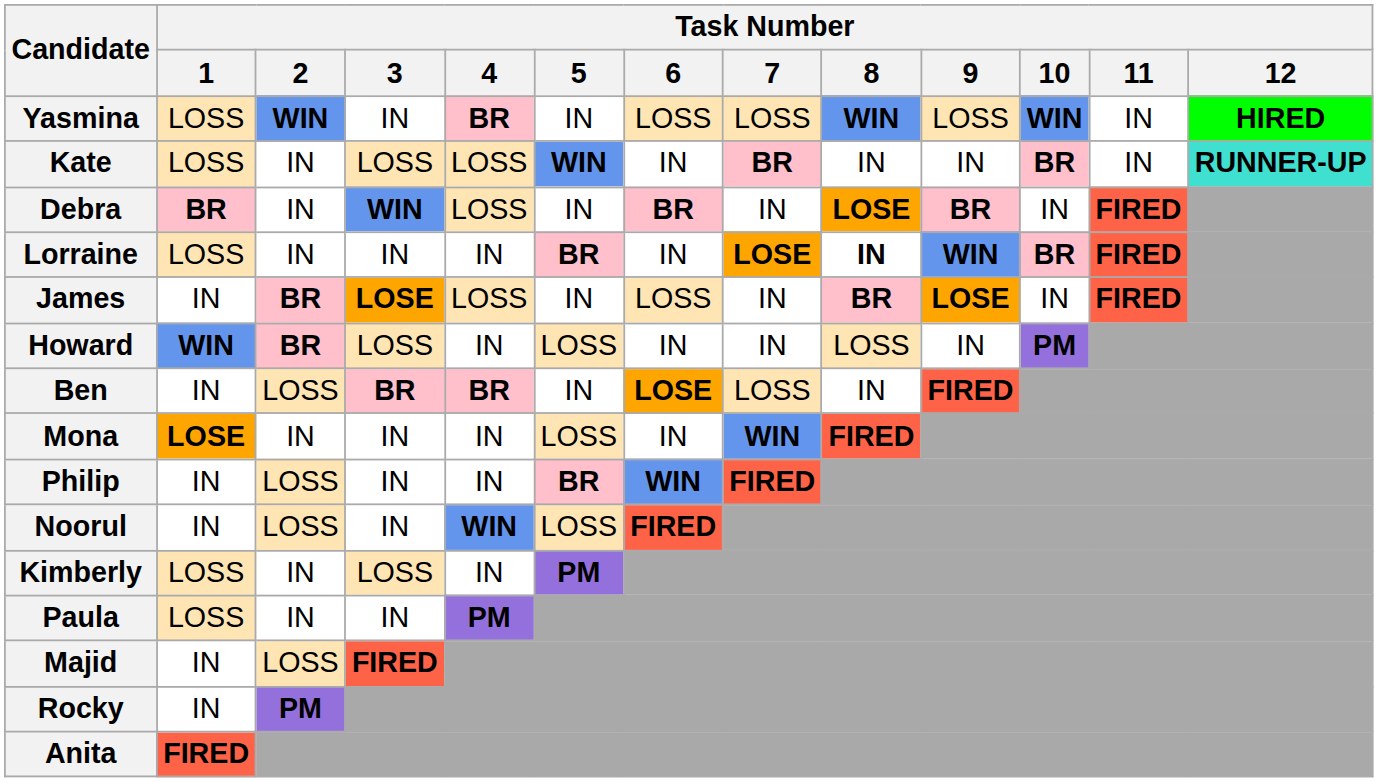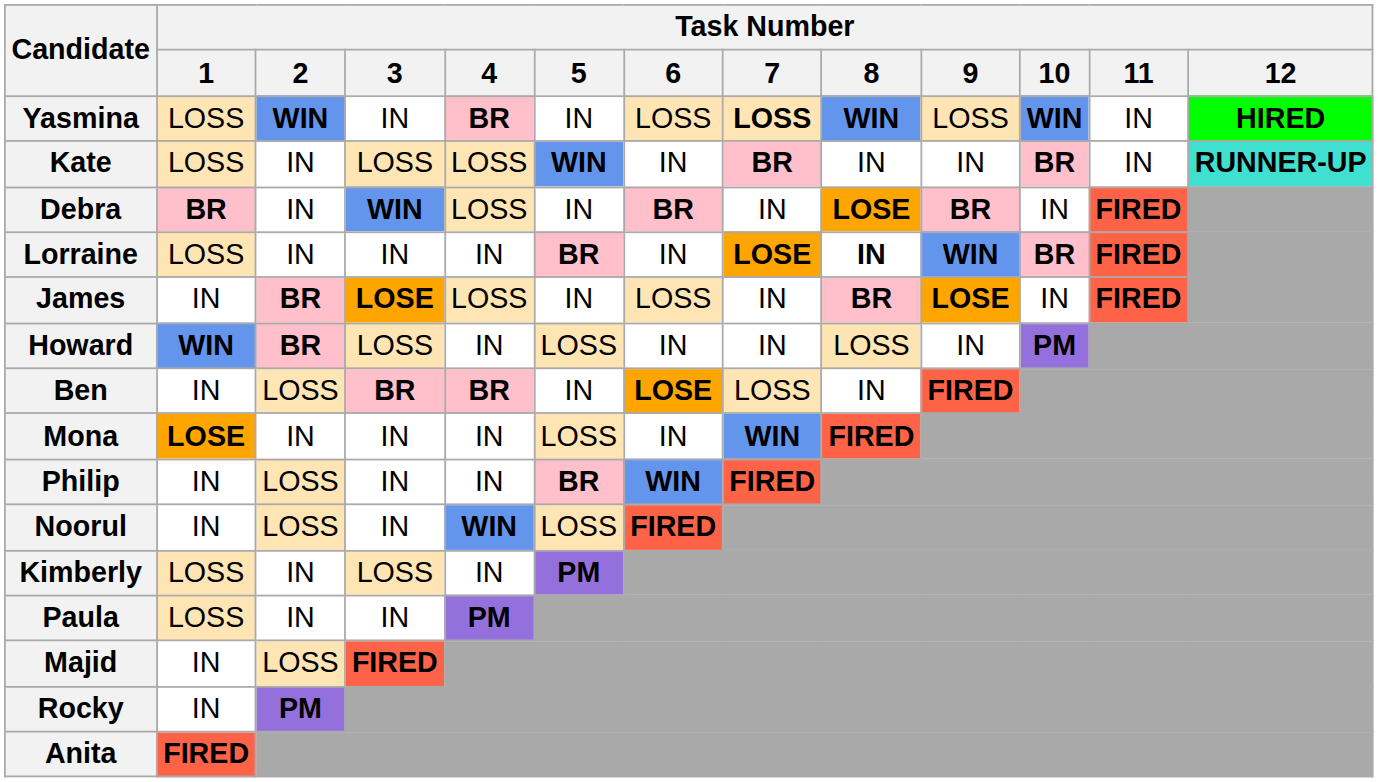 <table class="wikitable" style="text-align:center">
 <tr>
 <th rowspan="2">Candidate</th>
 <th colspan="13">Task Number</th>
 </tr>
 <tr>
 <th>1</th>
 <th>2</th>
 <th>3</th>
 <th>4</th>
 <th>5</th>
 <th>6</th>
 <th>7</th>
 <th>8</th>
 <th>9</th>
 <th>10</th>
 <th>11</th>
 <th>12</th>
 </tr>
 <tr>
 <th>Yasmina</th>
 <td style="background:#FFE5B4;">LOSS</td>
 <td style="background:cornflowerblue;"><strong>WIN</strong></td>
 <td style="background:white;">IN</td>
 <td style="background:pink;"><strong>BR</strong></td>
 <td style="background:white;">IN</td>
 <td style="background:#FFE5B4;">LOSS</td>
-<td style="background:#FFE5B4;">LOSS</td>
+<td style="background:#FFE5B4;"><strong>LOSS</strong></td>
 <td style="background:cornflowerblue;"><strong>WIN</strong></td>
 <td style="background:#FFE5B4;">LOSS</td>
 <td style="background:cornflowerblue;"><strong>WIN</strong></td>
 <td style="background:white;">IN</td>
 <td style="background:lime;"><strong>HIRED</strong></td>
 </tr>
 <tr>
 <th>Kate</th>
 <td style="background:#FFE5B4;">LOSS</td>
 <td style="background:white;">IN</td>
 <td style="background:#FFE5B4;">LOSS</td>
 <td style="background:#FFE5B4;">LOSS</td>
 <td style="background:cornflowerblue;"><strong>WIN</strong></td>
 <td style="background:white;">IN</td>
 <td style="background:pink;"><strong>BR</strong></td>
 <td style="background:white;">IN</td>
 <td style="background:white;">IN</td>
 <td style="background:pink;"><strong>BR</strong></td>
 <td style="background:white;">IN</td>
 <td style="background:turquoise;"><strong>RUNNER-UP</strong></td>
 </tr>
 <tr>
 <th>Debra</th>
 <td style="background:pink;"><strong>BR</strong></td>
 <td style="background:white;">IN</td>
 <td style="background:cornflowerblue;"><strong>WIN</strong></td>
 <td style="background:#FFE5B4;">LOSS</td>
 <td style="background:white;">IN</td>
 <td style="background:pink;"><strong>BR</strong></td>
 <td style="background:white;">IN</td>
 <td style="background:orange;"><strong>LOSE</strong></td>
 <td style="background:pink;"><strong>BR</strong></td>
 <td style="background:white;">IN</td>
 <td style="background:tomato;"><strong>FIRED</strong></td>
 <td colspan="1" style="background:darkgrey;"></td>
 </tr>
 <tr>
 <th>Lorraine</th>
 <td style="background:#FFE5B4;">LOSS</td>
 <td style="background:white;">IN</td>
 <td style="background:white;">IN</td>
 <td style="background:white;">IN</td>
 <td style="background:pink;"><strong>BR</strong></td>
 <td style="background:white;">IN</td>
 <td style="background:orange;"><strong>LOSE</strong></td>
 <td style="background:white;"><strong>IN</strong></td>
 <td style="background:cornflowerblue;"><strong>WIN</strong></td>
 <td style="background:pink;"><strong>BR</strong></td>
 <td style="background:tomato;"><strong>FIRED</strong></td>
 <td colspan="1" style="background:darkgrey;"></td>
 </tr>
 <tr>
 <th>James</th>
 <td style="background:white;">IN</td>
 <td style="background:pink;"><strong>BR</strong></td>
 <td style="background:orange;"><strong>LOSE</strong></td>
 <td style="background:#FFE5B4;">LOSS</td>
 <td style="background:white;">IN</td>
 <td style="background:#FFE5B4;">LOSS</td>
 <td style="background:white;">IN</td>
 <td style="background:pink;"><strong>BR</strong></td>
 <td style="background:orange;"><strong>LOSE</strong></td>
 <td style="background:white;">IN</td>
 <td style="background:tomato;"><strong>FIRED</strong></td>
 <td colspan="1" style="background:darkgrey;"></td>
 </tr>
 <tr>
 <th>Howard</th>
 <td style="background:cornflowerblue;"><strong>WIN</strong></td>
 <td style="background:pink;"><strong>BR</strong></td>
 <td style="background:#FFE5B4;">LOSS</td>
 <td style="background:white;">IN</td>
 <td style="background:#FFE5B4;">LOSS</td>
 <td style="background:white;">IN</td>
 <td style="background:white;">IN</td>
 <td style="background:#FFE5B4;">LOSS</td>
 <td style="background:white;">IN</td>
 <td style="background:#9370DB;"><strong>PM</strong></td>
 <td colspan="2" style="background:darkgrey;"></td>
 </tr>
 <tr>
 <th>Ben</th>
 <td style="background:white;">IN</td>
 <td style="background:#FFE5B4;">LOSS</td>
 <td style="background:pink;"><strong>BR</strong></td>
 <td style="background:pink;"><strong>BR</strong></td>
 <td style="background:white;">IN</td>
 <td style="background:orange;"><strong>LOSE</strong></td>
 <td style="background:#FFE5B4;">LOSS</td>
 <td style="background:white;">IN</td>
 <td style="background:tomato;"><strong>FIRED</strong></td>
 <td colspan="3" style="background:darkgrey;"></td>
 </tr>
 <tr>
 <th>Mona</th>
 <td style="background:orange;"><strong>LOSE</strong></td>
 <td style="background:white;">IN</td>
 <td style="background:white;">IN</td>
 <td style="background:white;">IN</td>
 <td style="background:#FFE5B4;">LOSS</td>
 <td style="background:white;">IN</td>
 <td style="background:cornflowerblue;"><strong>WIN</strong></td>
 <td style="background:tomato;"><strong>FIRED</strong></td>
 <td colspan="4" style="background:darkgrey;"></td>
 </tr>
 <tr>
 <th>Philip</th>
 <td style="background:white;">IN</td>
 <td style="background:#FFE5B4;">LOSS</td>
 <td style="background:white;">IN</td>
 <td style="background:white;">IN</td>
 <td style="background:pink;"><strong>BR</strong></td>
 <td style="background:cornflowerblue;"><strong>WIN</strong></td>
 <td style="background:tomato;"><strong>FIRED</strong></td>
 <td colspan="5" style="background:darkgrey;"></td>
 </tr>
 <tr>
 <th>Noorul</th>
 <td style="background:white;">IN</td>
 <td style="background:#FFE5B4;">LOSS</td>
 <td style="background:white;">IN</td>
 <td style="background:cornflowerblue;"><strong>WIN</strong></td>
 <td style="background:#FFE5B4;">LOSS</td>
 <td style="background:tomato;"><strong>FIRED</strong></td>
 <td colspan="6" style="background:darkgrey;"></td>
 </tr>
 <tr>
 <th>Kimberly</th>
 <td style="background:#FFE5B4;">LOSS</td>
 <td style="background:white;">IN</td>
 <td style="background:#FFE5B4;">LOSS</td>
 <td style="background:white;">IN</td>
 <td style="background:#9370DB;"><strong>PM</strong></td>
 <td colspan="7" style="background:darkgrey;"></td>
 </tr>
 <tr>
 <th>Paula</th>
 <td style="background:#FFE5B4;">LOSS</td>
 <td style="background:white;">IN</td>
 <td style="background:white;">IN</td>
 <td style="background:#9370DB;"><strong>PM</strong></td>
 <td colspan="8" style="background:darkgrey;"></td>
 </tr>
 <tr>
 <th>Majid</th>
 <td style="background:white;">IN</td>
 <td style="background:#FFE5B4;">LOSS</td>
 <td style="background:tomato;"><strong>FIRED</strong></td>
 <td colspan="9" style="background:darkgrey;"></td>
 </tr>
 <tr>
 <th>Rocky</th>
 <td style="background:white;">IN</td>
 <td style="background:#9370DB;"><strong>PM</strong></td>
 <td colspan="10" style="background:darkgrey;"></td>
 </tr>
 <tr>
 <th>Anita</th>
 <td style="background:tomato;"><strong>FIRED</strong></td>
 <td colspan="11" style="background:darkgrey;"></td>
 </tr>
 </table>
